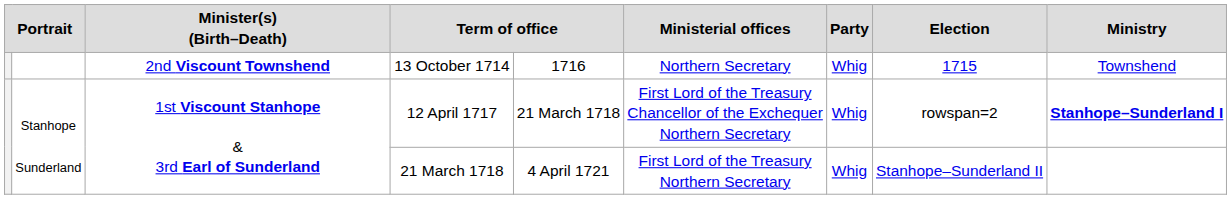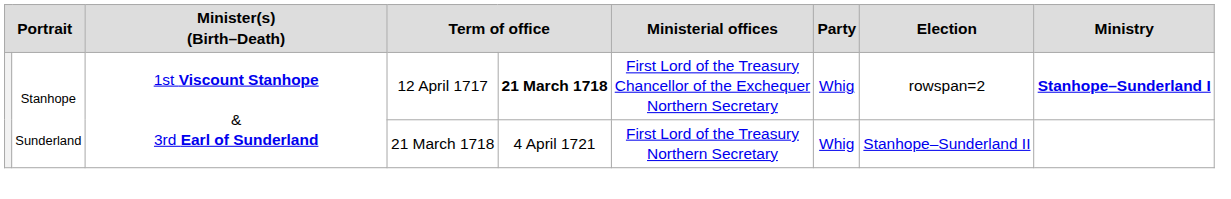 <table class="wikitable" style="background:white; text-align:center; font-size:95%; line-height:130%">
 <tr>
 <th style="background:#ddd" colspan=2>Portrait</th>
 <th style="background:#ddd" width=25%>Minister(s)<br>(Birth–Death)</th>
 <th style="background:#ddd" colspan=2>Term of office</th>
 <th style="background:#ddd">Ministerial offices</th>
 <th style="background:#ddd">Party</th>
 <th style="background:#ddd">Election</th>
 <th style="background:#ddd">Ministry</th>
 </tr>
 <tr>
-<th style="background-color: "></th>
-<td></td>
-<td><a href='#'>2nd <strong>Viscount Townshend</strong></a><br></td>
-<td>13 October 1714</td>
-<td>1716</td>
-<td><a href='#'>Northern Secretary</a></td>
-<td><a href='#'>Whig</a></td>
-<td><a href='#'>1715</a></td>
-<td><a href='#'>Townshend</a></td>
-</tr>
-<tr>
 <th rowspan=2 style="background-color: "></th>
 <td rowspan=2><br><small>Stanhope</small><br><br><small>Sunderland</small></td>
 <td rowspan=2><a href='#'>1st <strong>Viscount Stanhope</strong></a><br><br>&<br><a href='#'>3rd <strong>Earl of Sunderland</strong></a><br></td>
 <td>12 April 1717</td>
-<td>21 March 1718</td>
+<td><strong>21 March 1718</strong></td>
 <td><a href='#'>First Lord of the Treasury</a><br><a href='#'>Chancellor of the Exchequer</a><br><a href='#'>Northern Secretary</a></td>
 <td><a href='#'>Whig</a></td>
 <td>rowspan=2 </td>
 <td><strong><a href='#'>Stanhope–Sunderland I</a></strong></td>
 </tr>
 <tr>
 <td>21 March 1718</td>
 <td>4 April 1721</td>
 <td><a href='#'>First Lord of the Treasury</a><br><a href='#'>Northern Secretary</a></td>
 <td><a href='#'>Whig</a></td>
 <td><a href='#'>Stanhope–Sunderland II</a></td>
 </tr>
 </table>
